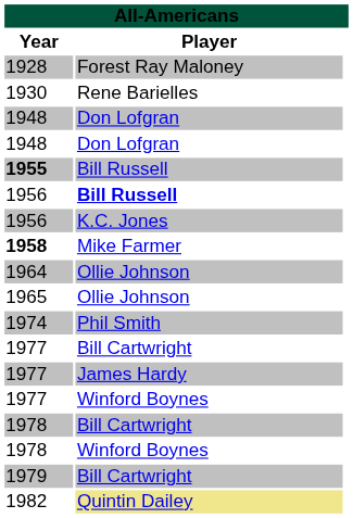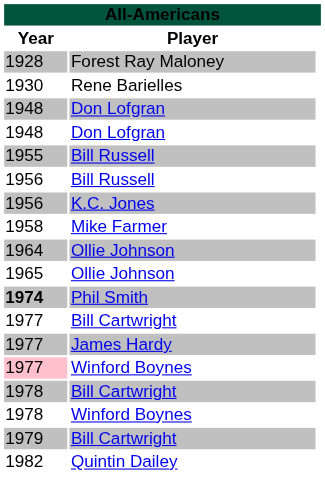 <table class="toccolours" style="width:300px;">
 <tr>
 <th colspan="3" style="text-align: center; background:#00543C"><span><strong>All-Americans</strong></span></th>
 </tr>
 <tr>
 <th>Year</th>
 <th>Player</th>
 <th></th>
 </tr>
 <tr style="background:silver;">
 <td>1928</td>
 <td>Forest Ray Maloney</td>
 </tr>
 <tr>
 <td>1930</td>
 <td>Rene Barielles</td>
 </tr>
 <tr style="background:silver;">
 <td>1948</td>
 <td><a href='#'>Don Lofgran</a></td>
 </tr>
 <tr>
 <td>1948</td>
 <td><a href='#'>Don Lofgran</a></td>
 </tr>
 <tr style="background:silver;">
-<td><strong>1955</strong></td>
+<td>1955</td>
 <td><a href='#'>Bill Russell</a></td>
 </tr>
 <tr>
 <td>1956</td>
-<td><strong><a href='#'>Bill Russell</a></strong></td>
+<td><a href='#'>Bill Russell</a></td>
 </tr>
 <tr style="background:silver;">
 <td>1956</td>
 <td><a href='#'>K.C. Jones</a></td>
 </tr>
 <tr>
-<td><strong>1958</strong></td>
+<td>1958</td>
 <td><a href='#'>Mike Farmer</a></td>
 </tr>
 <tr style="background:silver;">
 <td>1964</td>
 <td><a href='#'>Ollie Johnson</a></td>
 </tr>
 <tr>
 <td>1965</td>
 <td><a href='#'>Ollie Johnson</a></td>
 </tr>
 <tr style="background:silver;">
-<td>1974</td>
+<td><strong>1974</strong></td>
 <td><a href='#'>Phil Smith</a></td>
 </tr>
 <tr>
 <td>1977</td>
 <td><a href='#'>Bill Cartwright</a></td>
 </tr>
 <tr style="background:silver;">
 <td>1977</td>
 <td><a href='#'>James Hardy</a></td>
 </tr>
 <tr>
-<td>1977</td>
+<td style="background: pink;">1977</td>
 <td><a href='#'>Winford Boynes</a></td>
 </tr>
 <tr style="background:silver;">
 <td>1978</td>
 <td><a href='#'>Bill Cartwright</a></td>
 </tr>
 <tr>
 <td>1978</td>
 <td><a href='#'>Winford Boynes</a></td>
 </tr>
 <tr style="background:silver;">
 <td>1979</td>
 <td><a href='#'>Bill Cartwright</a></td>
 </tr>
 <tr>
 <td>1982</td>
-<td style="background: khaki;"><a href='#'>Quintin Dailey</a></td>
+<td><a href='#'>Quintin Dailey</a></td>
 </tr>
 </table>
